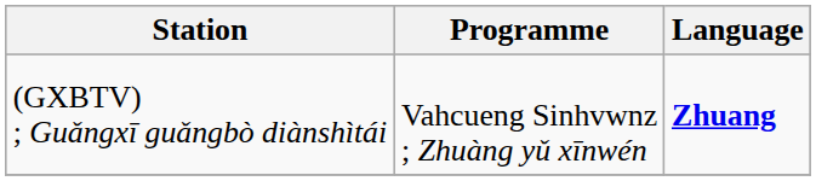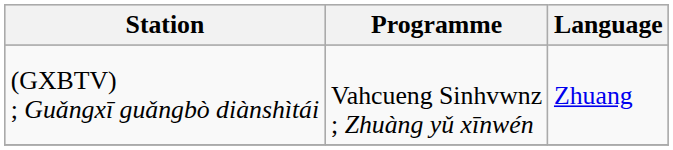 <table border="1" class="wikitable">
 <tr>
 <th>Station</th>
 <th>Programme</th>
 <th>Language</th>
 </tr>
 <tr>
 <td><strong></strong> (GXBTV)<br> ; <em>Guǎngxī guǎngbò diànshìtái</em></td>
 <td><br>Vahcueng Sinhvwnz<br> ; <em>Zhuàng yǔ xīnwén</em></td>
-<td><strong><a href='#'>Zhuang</a></strong></td>
+<td><a href='#'>Zhuang</a></td>
 </tr>
 <tr>
 </tr>
 </table>
